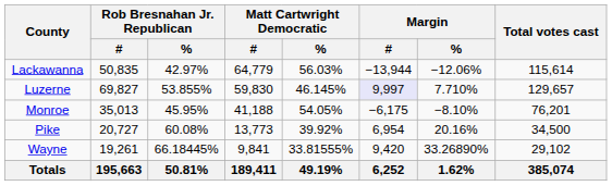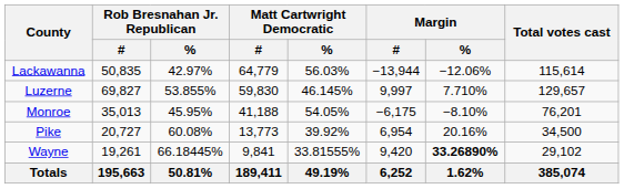 <table width="60%"  class="wikitable sortable" style="text-align:center">
 <tr>
 <th rowspan="2">County</th>
 <th style="text-align:center;" colspan="2">Rob Bresnahan Jr.<br>Republican</th>
 <th style="text-align:center;" colspan="2">Matt Cartwright<br>Democratic</th>
 <th style="text-align:center;" colspan="2">Margin</th>
 <th rowspan="2" style="text-align:center;">Total votes cast</th>
 </tr>
 <tr>
 <th style="text-align:center;" data-sort-type="number">#</th>
 <th style="text-align:center;" data-sort-type="number">%</th>
 <th style="text-align:center;" data-sort-type="number">#</th>
 <th style="text-align:center;" data-sort-type="number">%</th>
 <th style="text-align:center;" data-sort-type="number">#</th>
 <th style="text-align:center;" data-sort-type="number">%</th>
 </tr>
 <tr style="text-align:center;">
 <td><a href='#'>Lackawanna</a></td>
 <td>50,835</td>
 <td>42.97%</td>
 <td>64,779</td>
 <td>56.03%</td>
 <td>−13,944</td>
 <td>−12.06%</td>
 <td>115,614</td>
 </tr>
 <tr style="text-align:center;">
 <td><a href='#'>Luzerne</a></td>
 <td>69,827</td>
 <td>53.855%</td>
 <td>59,830</td>
 <td>46.145%</td>
-<td style="background: lavender;">9,997</td>
+<td>9,997</td>
 <td>7.710%</td>
 <td>129,657</td>
 </tr>
 <tr style="text-align:center;">
 <td><a href='#'>Monroe</a></td>
 <td>35,013</td>
 <td>45.95%</td>
 <td>41,188</td>
 <td>54.05%</td>
 <td>−6,175</td>
 <td>−8.10%</td>
 <td>76,201</td>
 </tr>
 <tr style="text-align:center;">
 <td><a href='#'>Pike</a></td>
 <td>20,727</td>
 <td>60.08%</td>
 <td>13,773</td>
 <td>39.92%</td>
 <td>6,954</td>
 <td>20.16%</td>
 <td>34,500</td>
 </tr>
 <tr style="text-align:center;">
 <td><a href='#'>Wayne</a></td>
 <td>19,261</td>
 <td>66.18445%</td>
 <td>9,841</td>
 <td>33.81555%</td>
 <td>9,420</td>
-<td>33.26890%</td>
+<td><strong>33.26890%</strong></td>
 <td>29,102</td>
 </tr>
 <tr style="text-align:center;">
 <th>Totals</th>
 <th>195,663</th>
 <th>50.81%</th>
 <th>189,411</th>
 <th>49.19%</th>
 <th>6,252</th>
 <th>1.62%</th>
 <th>385,074</th>
 </tr>
 </table>
